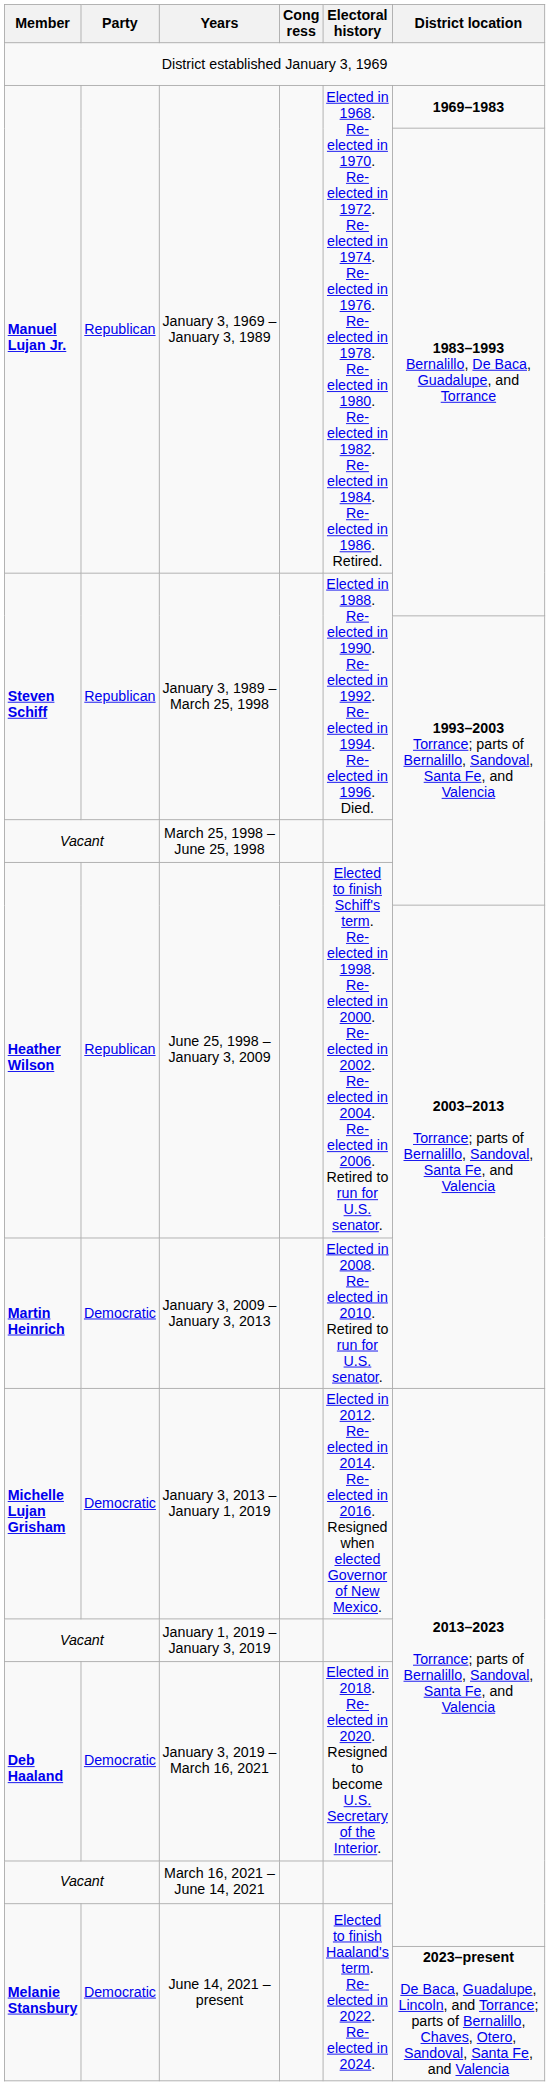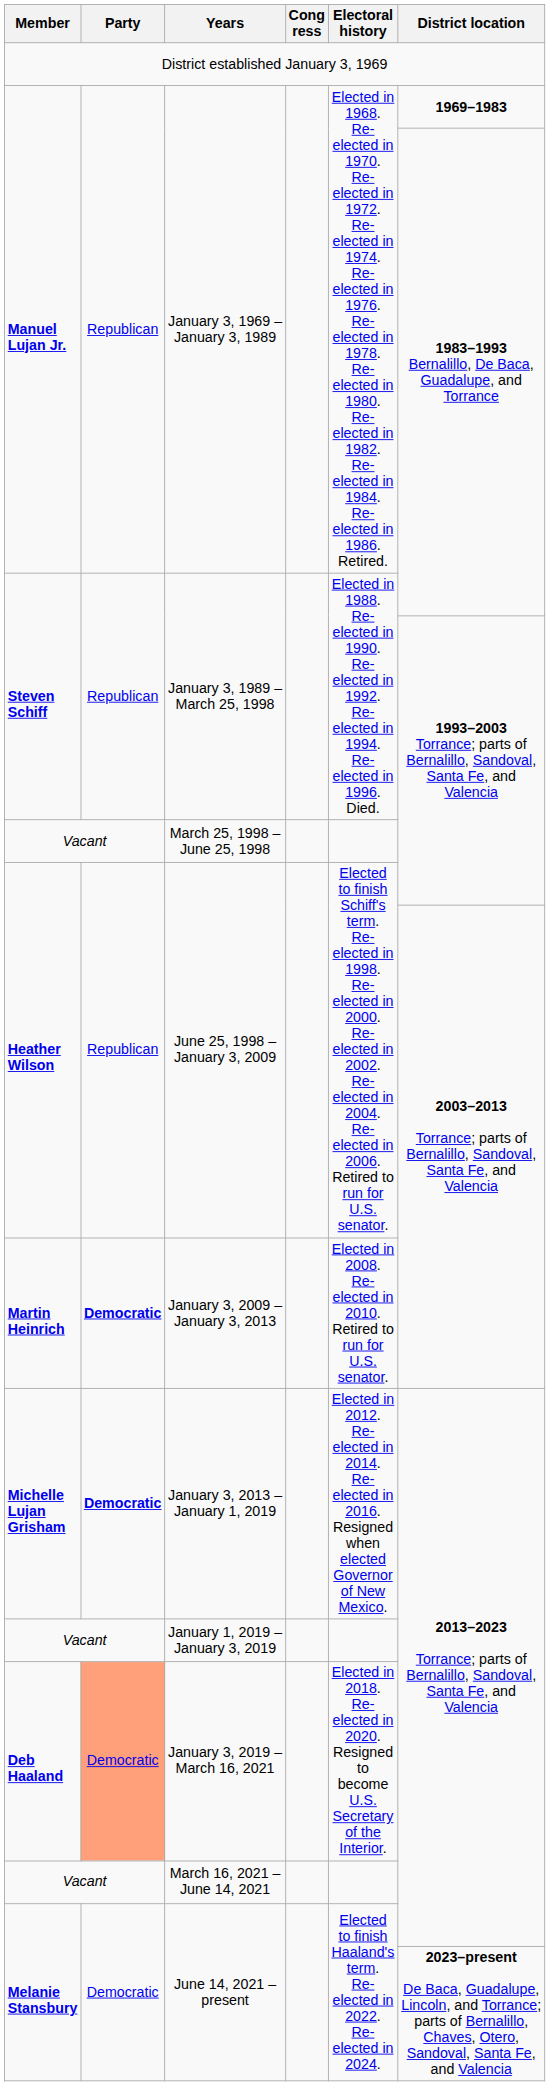 <table class=wikitable style="text-align:center">
 <tr>
 <th>Member<br></th>
 <th>Party</th>
 <th>Years</th>
 <th>Cong<br>ress</th>
 <th>Electoral history</th>
 <th width=350px>District location</th>
 </tr>
 <tr style="height:3em">
 <td colspan=6>District established January 3, 1969</td>
 </tr>
 <tr style="height:3em">
 <td rowspan=2 align=left><br><strong><a href='#'>Manuel Lujan Jr.</a></strong><br></td>
 <td rowspan=2 ><a href='#'>Republican</a></td>
 <td rowspan=2 nowrap>January 3, 1969 –<br>January 3, 1989</td>
 <td rowspan=2></td>
 <td rowspan=2><a href='#'>Elected in 1968</a>.<br><a href='#'>Re-elected in 1970</a>.<br><a href='#'>Re-elected in 1972</a>.<br><a href='#'>Re-elected in 1974</a>.<br><a href='#'>Re-elected in 1976</a>.<br><a href='#'>Re-elected in 1978</a>.<br><a href='#'>Re-elected in 1980</a>.<br><a href='#'>Re-elected in 1982</a>.<br><a href='#'>Re-elected in 1984</a>.<br><a href='#'>Re-elected in 1986</a>.<br>Retired.</td>
 <td><strong>1969–1983</strong><br></td>
 </tr>
 <tr style="height:3em">
 <td rowspan=2><strong>1983–1993</strong><br><a href='#'>Bernalillo</a>, <a href='#'>De Baca</a>, <a href='#'>Guadalupe</a>, and <a href='#'>Torrance</a></td>
 </tr>
 <tr style="height:3em">
 <td rowspan=2 align=left><br><strong><a href='#'>Steven Schiff</a></strong><br></td>
 <td rowspan=2 ><a href='#'>Republican</a></td>
 <td rowspan=2 nowrap>January 3, 1989 –<br>March 25, 1998</td>
 <td rowspan=2></td>
 <td rowspan=2><a href='#'>Elected in 1988</a>.<br><a href='#'>Re-elected in 1990</a>.<br><a href='#'>Re-elected in 1992</a>.<br><a href='#'>Re-elected in 1994</a>.<br><a href='#'>Re-elected in 1996</a>.<br>Died.</td>
 </tr>
 <tr style="height:3em">
 <td rowspan=3><strong>1993–2003</strong><br><a href='#'>Torrance</a>; parts of <a href='#'>Bernalillo</a>, <a href='#'>Sandoval</a>, <a href='#'>Santa Fe</a>, and <a href='#'>Valencia</a></td>
 </tr>
 <tr style="height:3em">
 <td colspan=2><em>Vacant</em></td>
 <td nowrap>March 25, 1998 –<br>June 25, 1998</td>
 <td></td>
 <td></td>
 </tr>
 <tr style="height:3em">
 <td rowspan=2 align=left><br><strong><a href='#'>Heather Wilson</a></strong><br></td>
 <td rowspan=2 ><a href='#'>Republican</a></td>
 <td rowspan=2 nowrap>June 25, 1998 –<br>January 3, 2009</td>
 <td rowspan=2></td>
 <td rowspan=2><a href='#'>Elected to finish Schiff's term</a>.<br><a href='#'>Re-elected in 1998</a>.<br><a href='#'>Re-elected in 2000</a>.<br><a href='#'>Re-elected in 2002</a>.<br><a href='#'>Re-elected in 2004</a>.<br><a href='#'>Re-elected in 2006</a>.<br>Retired to <a href='#'>run for U.S. senator</a>.</td>
 </tr>
 <tr style="height:3em">
 <td rowspan=2><strong>2003–2013</strong><br><br><a href='#'>Torrance</a>; parts of <a href='#'>Bernalillo</a>, <a href='#'>Sandoval</a>, <a href='#'>Santa Fe</a>, and <a href='#'>Valencia</a></td>
 </tr>
 <tr style="height:3em">
 <td align=left><br><strong><a href='#'>Martin Heinrich</a></strong><br></td>
-<td><a href='#'>Democratic</a></td>
+<td><strong><a href='#'>Democratic</a></strong></td>
 <td nowrap>January 3, 2009 –<br>January 3, 2013</td>
 <td></td>
 <td><a href='#'>Elected in 2008</a>.<br><a href='#'>Re-elected in 2010</a>.<br>Retired to <a href='#'>run for U.S. senator</a>.</td>
 </tr>
 <tr style="height:3em">
 <td align=left><br><strong><a href='#'>Michelle Lujan Grisham</a></strong><br></td>
-<td><a href='#'>Democratic</a></td>
+<td><strong><a href='#'>Democratic</a></strong></td>
 <td nowrap>January 3, 2013 –<br>January 1, 2019</td>
 <td></td>
 <td><a href='#'>Elected in 2012</a>.<br><a href='#'>Re-elected in 2014</a>.<br><a href='#'>Re-elected in 2016</a>.<br>Resigned when <a href='#'>elected Governor of New Mexico</a>.</td>
 <td rowspan=5><strong>2013–2023</strong><br><br><a href='#'>Torrance</a>; parts of <a href='#'>Bernalillo</a>, <a href='#'>Sandoval</a>, <a href='#'>Santa Fe</a>, and <a href='#'>Valencia</a></td>
 </tr>
 <tr style="height:3em">
 <td colspan=2><em>Vacant</em></td>
 <td nowrap>January 1, 2019 –<br>January 3, 2019</td>
 <td></td>
 <td></td>
 </tr>
 <tr style="height:3em">
 <td align=left><br><strong><a href='#'>Deb Haaland</a></strong><br></td>
-<td><a href='#'>Democratic</a></td>
+<td style="background: lightsalmon;"><a href='#'>Democratic</a></td>
 <td nowrap>January 3, 2019 –<br>March 16, 2021</td>
 <td></td>
 <td><a href='#'>Elected in 2018</a>.<br><a href='#'>Re-elected in 2020</a>.<br> Resigned to become <a href='#'>U.S. Secretary of the Interior</a>.</td>
 </tr>
 <tr style="height:3em">
 <td colspan=2><em>Vacant</em></td>
 <td nowrap>March 16, 2021 –<br>June 14, 2021</td>
 <td></td>
 </tr>
 <tr style="height:3em">
 <td rowspan=2 align=left><br><strong><a href='#'>Melanie Stansbury</a></strong><br></td>
 <td rowspan=2 ><a href='#'>Democratic</a></td>
 <td rowspan=2 nowrap>June 14, 2021 –<br>present</td>
 <td rowspan=2></td>
 <td rowspan=2><a href='#'>Elected to finish Haaland's term</a>.<br><a href='#'>Re-elected in 2022</a>.<br><a href='#'>Re-elected in 2024</a>.</td>
 </tr>
 <tr style="height:3em">
 <td><strong>2023–present</strong><br><br><a href='#'>De Baca</a>, <a href='#'>Guadalupe</a>, <a href='#'>Lincoln</a>, and <a href='#'>Torrance</a>; parts of <a href='#'>Bernalillo</a>, <a href='#'>Chaves</a>, <a href='#'>Otero</a>, <a href='#'>Sandoval</a>, <a href='#'>Santa Fe</a>, and <a href='#'>Valencia</a></td>
 </tr>
 </table>
